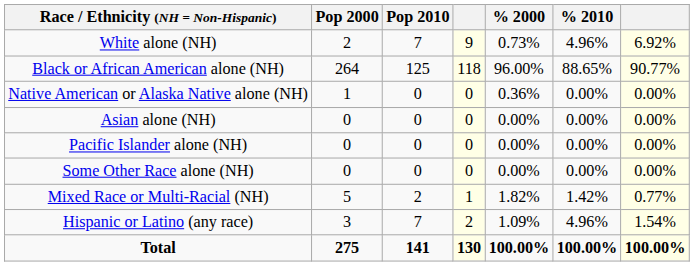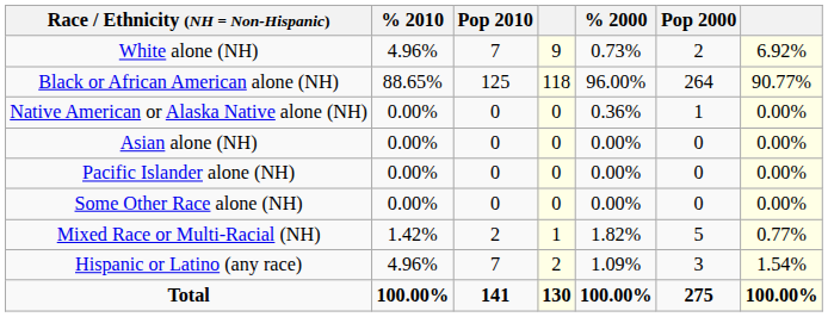 <table class="wikitable" style="text-align:center;">
 <tr>
 <th>Race / Ethnicity <small>(<em>NH = Non-Hispanic</em>)</small></th>
-<th>Pop 2000</th>
+<th>% 2010</th>
 <th>Pop 2010</th>
 <th></th>
 <th>% 2000</th>
-<th>% 2010</th>
+<th>Pop 2000</th>
 <th></th>
 </tr>
 <tr>
 <td><a href='#'>White</a> alone (NH)</td>
-<td>2</td>
+<td>4.96%</td>
 <td>7</td>
 <td style='background: #ffffe6;'>9</td>
 <td>0.73%</td>
-<td>4.96%</td>
+<td>2</td>
 <td style='background: #ffffe6;'>6.92%</td>
 </tr>
 <tr>
 <td><a href='#'>Black or African American</a> alone (NH)</td>
-<td>264</td>
+<td>88.65%</td>
 <td>125</td>
 <td style='background: #ffffe6;'>118</td>
 <td>96.00%</td>
-<td>88.65%</td>
+<td>264</td>
 <td style='background: #ffffe6;'>90.77%</td>
 </tr>
 <tr>
 <td><a href='#'>Native American</a> or <a href='#'>Alaska Native</a> alone (NH)</td>
-<td>1</td>
+<td>0.00%</td>
 <td>0</td>
 <td style='background: #ffffe6;'>0</td>
 <td>0.36%</td>
-<td>0.00%</td>
+<td>1</td>
 <td style='background: #ffffe6;'>0.00%</td>
 </tr>
 <tr>
 <td><a href='#'>Asian</a> alone (NH)</td>
-<td>0</td>
+<td>0.00%</td>
 <td>0</td>
 <td style='background: #ffffe6;'>0</td>
 <td>0.00%</td>
-<td>0.00%</td>
+<td>0</td>
 <td style='background: #ffffe6;'>0.00%</td>
 </tr>
 <tr>
 <td><a href='#'>Pacific Islander</a> alone (NH)</td>
-<td>0</td>
+<td>0.00%</td>
 <td>0</td>
 <td style='background: #ffffe6;'>0</td>
 <td>0.00%</td>
-<td>0.00%</td>
+<td>0</td>
 <td style='background: #ffffe6;'>0.00%</td>
 </tr>
 <tr>
 <td><a href='#'>Some Other Race</a> alone (NH)</td>
-<td>0</td>
+<td>0.00%</td>
 <td>0</td>
 <td style='background: #ffffe6;'>0</td>
 <td>0.00%</td>
-<td>0.00%</td>
+<td>0</td>
 <td style='background: #ffffe6;'>0.00%</td>
 </tr>
 <tr>
 <td><a href='#'>Mixed Race or Multi-Racial</a> (NH)</td>
-<td>5</td>
+<td>1.42%</td>
 <td>2</td>
 <td style='background: #ffffe6;'>1</td>
 <td>1.82%</td>
-<td>1.42%</td>
+<td>5</td>
 <td style='background: #ffffe6;'>0.77%</td>
 </tr>
 <tr>
 <td><a href='#'>Hispanic or Latino</a> (any race)</td>
-<td>3</td>
+<td>4.96%</td>
 <td>7</td>
 <td style='background: #ffffe6;'>2</td>
 <td>1.09%</td>
-<td>4.96%</td>
+<td>3</td>
 <td style='background: #ffffe6;'>1.54%</td>
 </tr>
 <tr>
 <td><strong>Total</strong></td>
-<td><strong>275</strong></td>
+<td><strong>100.00%</strong></td>
 <td><strong>141</strong></td>
 <td style='background: #ffffe6;'><strong>130</strong></td>
 <td><strong>100.00%</strong></td>
-<td><strong>100.00%</strong></td>
+<td><strong>275</strong></td>
 <td style='background: #ffffe6;'><strong>100.00%</strong></td>
 </tr>
 </table>
